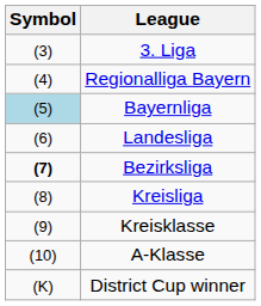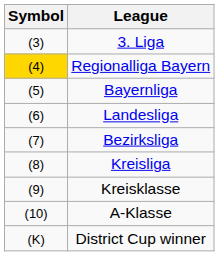 <table class="wikitable" style="text-align: center">
 <tr>
 <th>Symbol</th>
 <th>League</th>
 </tr>
 <tr>
 <td><small>(3)</small></td>
 <td><a href='#'>3. Liga</a></td>
 </tr>
 <tr>
-<td><small>(4)</small></td>
+<td style="background: gold;"><small>(4)</small></td>
 <td><a href='#'>Regionalliga Bayern</a></td>
 </tr>
 <tr>
-<td style="background: lightblue;"><small>(5)</small></td>
+<td><small>(5)</small></td>
 <td><a href='#'>Bayernliga</a></td>
 </tr>
 <tr>
 <td><small>(6)</small></td>
 <td><a href='#'>Landesliga</a></td>
 </tr>
 <tr>
-<td><strong><small>(7)</small></strong></td>
+<td><small>(7)</small></td>
 <td><a href='#'>Bezirksliga</a></td>
 </tr>
 <tr>
 <td><small>(8)</small></td>
 <td><a href='#'>Kreisliga</a></td>
 </tr>
 <tr>
 <td><small>(9)</small></td>
 <td>Kreisklasse</td>
 </tr>
 <tr>
 <td><small>(10)</small></td>
 <td>A-Klasse</td>
 </tr>
 <tr>
 <td><small>(K)</small></td>
 <td>District Cup winner</td>
 </tr>
 </table>
